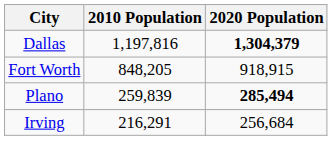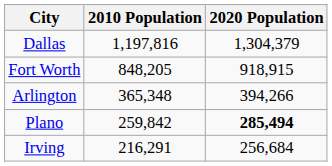 <table class="wikitable sortable" border="1" style="text-align:center">
 <tr>
 <th>City</th>
 <th>2010 Population </th>
 <th>2020 Population</th>
 </tr>
 <tr>
 <td><a href='#'>Dallas</a></td>
 <td>1,197,816</td>
-<td><strong>1,304,379</strong></td>
+<td>1,304,379</td>
 </tr>
 <tr>
 <td><a href='#'>Fort Worth</a></td>
 <td>848,205</td>
 <td>918,915</td>
 </tr>
 <tr>
+<td><a href='#'>Arlington</a></td>
+<td>365,348</td>
+<td>394,266</td>
+</tr>
+<tr>
 <td><a href='#'>Plano</a></td>
-<td>259,839</td>
+<td>259,842</td>
 <td><strong>285,494</strong></td>
 </tr>
 <tr>
 <td><a href='#'>Irving</a></td>
 <td>216,291</td>
 <td>256,684</td>
 </tr>
 </table>
